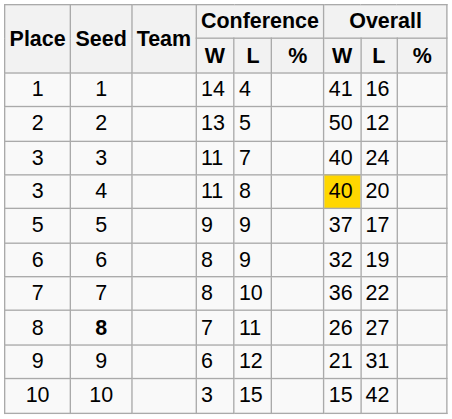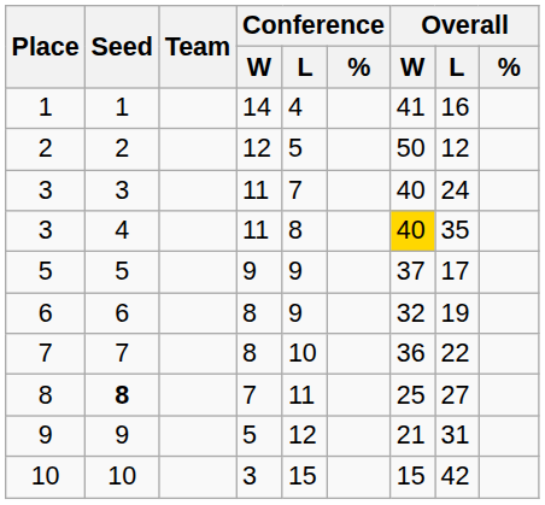 <table class="wikitable">
 <tr>
 <th rowspan ="2">Place</th>
 <th rowspan ="2">Seed</th>
 <th rowspan ="2">Team</th>
 <th colspan = "3">Conference</th>
 <th colspan = "3">Overall</th>
 </tr>
 <tr>
 <th scope="col" style="width: 20px;">W</th>
 <th scope="col" style="width: 20px;">L</th>
 <th scope="col" style="width: 30px;">%</th>
 <th scope="col" style="width: 20px;">W</th>
 <th scope="col" style="width: 20px;">L</th>
 <th scope="col" style="width: 30px;">%</th>
 </tr>
 <tr>
 <td style="text-align:center;">1</td>
 <td style="text-align:center;">1</td>
 <td></td>
 <td>14</td>
 <td>4</td>
 <td></td>
 <td>41</td>
 <td>16</td>
 <td></td>
 </tr>
 <tr>
 <td style="text-align:center;">2</td>
 <td style="text-align:center;">2</td>
 <td></td>
-<td>13</td>
+<td>12</td>
 <td>5</td>
 <td></td>
 <td>50</td>
 <td>12</td>
 <td></td>
 </tr>
 <tr>
 <td style="text-align:center;">3</td>
 <td style="text-align:center;">3</td>
 <td></td>
 <td>11</td>
 <td>7</td>
 <td></td>
 <td>40</td>
 <td>24</td>
 <td></td>
 </tr>
 <tr>
 <td style="text-align:center;">3</td>
 <td style="text-align:center;">4</td>
 <td></td>
 <td>11</td>
 <td>8</td>
 <td></td>
 <td style="background: gold;">40</td>
-<td>20</td>
+<td>35</td>
 <td></td>
 </tr>
 <tr>
 <td style="text-align:center;">5</td>
 <td style="text-align:center;">5</td>
 <td></td>
 <td>9</td>
 <td>9</td>
 <td></td>
 <td>37</td>
 <td>17</td>
 <td></td>
 </tr>
 <tr>
 <td style="text-align:center;">6</td>
 <td style="text-align:center;">6</td>
 <td></td>
 <td>8</td>
 <td>9</td>
 <td></td>
 <td>32</td>
 <td>19</td>
 <td></td>
 </tr>
 <tr>
 <td style="text-align:center;">7</td>
 <td style="text-align:center;">7</td>
 <td></td>
 <td>8</td>
 <td>10</td>
 <td></td>
 <td>36</td>
 <td>22</td>
 <td></td>
 </tr>
 <tr>
 <td style="text-align:center;">8</td>
 <td style="text-align:center;"><strong>8</strong></td>
 <td></td>
 <td>7</td>
 <td>11</td>
 <td></td>
-<td>26</td>
+<td>25</td>
 <td>27</td>
 <td></td>
 </tr>
 <tr>
 <td style="text-align:center;">9</td>
 <td style="text-align:center;">9</td>
 <td></td>
-<td>6</td>
+<td>5</td>
 <td>12</td>
 <td></td>
 <td>21</td>
 <td>31</td>
 <td></td>
 </tr>
 <tr>
 <td style="text-align:center;">10</td>
 <td style="text-align:center;">10</td>
 <td></td>
 <td>3</td>
 <td>15</td>
 <td></td>
 <td>15</td>
 <td>42</td>
 <td></td>
 </tr>
 </table>
